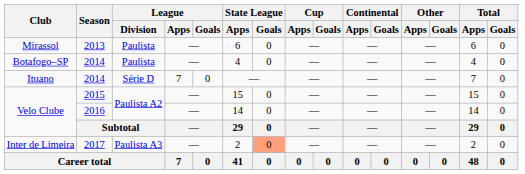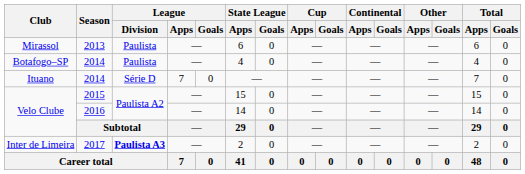 <table class="wikitable" style="text-align: center;">
 <tr>
 <th rowspan="2">Club</th>
 <th rowspan="2">Season</th>
 <th colspan="3">League</th>
 <th colspan="2">State League</th>
 <th colspan="2">Cup</th>
 <th colspan="2">Continental</th>
 <th colspan="2">Other</th>
 <th colspan="2">Total</th>
 </tr>
 <tr>
 <th>Division</th>
 <th>Apps</th>
 <th>Goals</th>
 <th>Apps</th>
 <th>Goals</th>
 <th>Apps</th>
 <th>Goals</th>
 <th>Apps</th>
 <th>Goals</th>
 <th>Apps</th>
 <th>Goals</th>
 <th>Apps</th>
 <th>Goals</th>
 </tr>
 <tr>
 <td align="center"><a href='#'>Mirassol</a></td>
 <td><a href='#'>2013</a></td>
 <td><a href='#'>Paulista</a></td>
 <td colspan="2">—</td>
 <td>6</td>
 <td>0</td>
 <td colspan="2">—</td>
 <td colspan="2">—</td>
 <td colspan="2">—</td>
 <td>6</td>
 <td>0</td>
 </tr>
 <tr>
 <td align="center"><a href='#'>Botafogo–SP</a></td>
 <td><a href='#'>2014</a></td>
 <td><a href='#'>Paulista</a></td>
 <td colspan="2">—</td>
 <td>4</td>
 <td>0</td>
 <td colspan="2">—</td>
 <td colspan="2">—</td>
 <td colspan="2">—</td>
 <td>4</td>
 <td>0</td>
 </tr>
 <tr>
 <td align="center"><a href='#'>Ituano</a></td>
 <td><a href='#'>2014</a></td>
 <td><a href='#'>Série D</a></td>
 <td>7</td>
 <td>0</td>
 <td colspan="2">—</td>
 <td colspan="2">—</td>
 <td colspan="2">—</td>
 <td colspan="2">—</td>
 <td>7</td>
 <td>0</td>
 </tr>
 <tr>
 <td rowspan=3 align="center"><a href='#'>Velo Clube</a></td>
 <td><a href='#'>2015</a></td>
 <td rowspan=2><a href='#'>Paulista A2</a></td>
 <td colspan="2">—</td>
 <td>15</td>
 <td>0</td>
 <td colspan="2">—</td>
 <td colspan="2">—</td>
 <td colspan="2">—</td>
 <td>15</td>
 <td>0</td>
 </tr>
 <tr>
 <td><a href='#'>2016</a></td>
 <td colspan="2">—</td>
 <td>14</td>
 <td>0</td>
 <td colspan="2">—</td>
 <td colspan="2">—</td>
 <td colspan="2">—</td>
 <td>14</td>
 <td>0</td>
 </tr>
 <tr>
 <th colspan="2">Subtotal</th>
 <th colspan="2">—</th>
 <th>29</th>
 <th>0</th>
 <th colspan="2">—</th>
 <th colspan="2">—</th>
 <th colspan="2">—</th>
 <th>29</th>
 <th>0</th>
 </tr>
 <tr>
 <td align="center"><a href='#'>Inter de Limeira</a></td>
 <td><a href='#'>2017</a></td>
-<td><a href='#'>Paulista A3</a></td>
+<td><strong><a href='#'>Paulista A3</a></strong></td>
 <td colspan="2">—</td>
 <td>2</td>
-<td style="background: lightsalmon;">0</td>
+<td>0</td>
 <td colspan="2">—</td>
 <td colspan="2">—</td>
 <td colspan="2">—</td>
 <td>2</td>
 <td>0</td>
 </tr>
 <tr>
 <th colspan="3"><strong>Career total</strong></th>
 <th>7</th>
 <th>0</th>
 <th>41</th>
 <th>0</th>
 <th>0</th>
 <th>0</th>
 <th>0</th>
 <th>0</th>
 <th>0</th>
 <th>0</th>
 <th>48</th>
 <th>0</th>
 </tr>
 </table>
